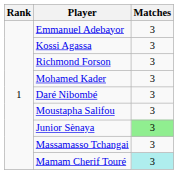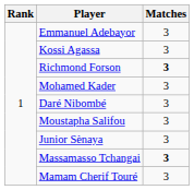 <table class="wikitable" style="text-align: left;">
 <tr>
 <th>Rank</th>
 <th>Player</th>
 <th>Matches</th>
 </tr>
 <tr>
 <td rowspan=9 align=center>1</td>
 <td><a href='#'>Emmanuel Adebayor</a></td>
 <td align=center>3</td>
 </tr>
 <tr>
 <td><a href='#'>Kossi Agassa</a></td>
 <td align=center>3</td>
 </tr>
 <tr>
 <td><a href='#'>Richmond Forson</a></td>
-<td align=center>3</td>
+<td align=center><strong>3</strong></td>
 </tr>
 <tr>
 <td><a href='#'>Mohamed Kader</a></td>
 <td align=center>3</td>
 </tr>
 <tr>
 <td><a href='#'>Daré Nibombé</a></td>
 <td align=center>3</td>
 </tr>
 <tr>
 <td><a href='#'>Moustapha Salifou</a></td>
 <td align=center>3</td>
 </tr>
 <tr>
 <td><a href='#'>Junior Sènaya</a></td>
-<td align=center style="background: lightgreen;">3</td>
+<td align=center>3</td>
 </tr>
 <tr>
 <td><a href='#'>Massamasso Tchangai</a></td>
-<td align=center>3</td>
+<td align=center><strong>3</strong></td>
 </tr>
 <tr>
 <td><a href='#'>Mamam Cherif Touré</a></td>
-<td align=center style="background: paleturquoise;">3</td>
+<td align=center>3</td>
 </tr>
 </table>
